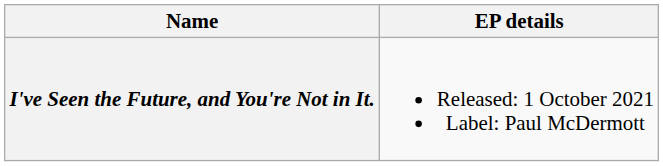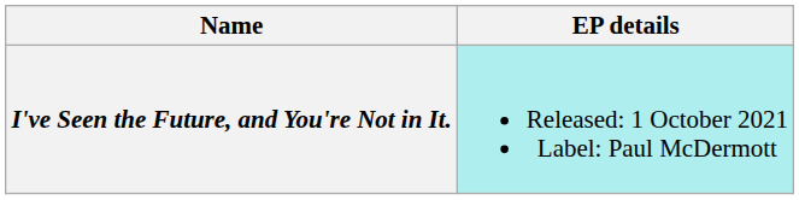 <table class="wikitable plainrowheaders" style="text-align:center;">
 <tr>
 <th>Name</th>
 <th>EP details</th>
 </tr>
 <tr>
 <th scope="row"><em>I've Seen the Future, and You're Not in It.</em></th>
-<td><br><ul><li>Released: 1 October 2021</li><li>Label: Paul McDermott</li></ul></td>
+<td style="background: paleturquoise;"><br><ul><li>Released: 1 October 2021</li><li>Label: Paul McDermott</li></ul></td>
 </tr>
 </table>
